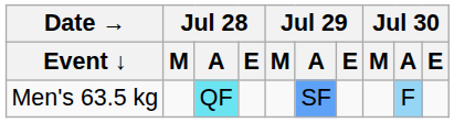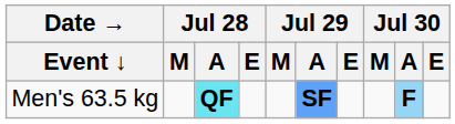 <table class="wikitable" style="margin:0.5em auto;">
 <tr>
 <th>Date →</th>
 <th colspan="3">Jul 28</th>
 <th colspan="3">Jul 29</th>
 <th colspan="3">Jul 30</th>
 </tr>
 <tr>
 <th>Event  ↓</th>
 <th>M</th>
 <th>A</th>
 <th>E</th>
 <th>M</th>
 <th>A</th>
 <th>E</th>
 <th>M</th>
 <th>A</th>
 <th>E</th>
 </tr>
 <tr>
 <td class="event">Men's 63.5 kg</td>
 <td></td>
-<td bgcolor="#6be4f2" align=center>QF</td>
+<td bgcolor="#6be4f2" align=center><strong>QF</strong></td>
 <td></td>
 <td></td>
-<td bgcolor="#5ea2f7" align=center>SF</td>
+<td bgcolor="#5ea2f7" align=center><strong>SF</strong></td>
 <td></td>
 <td></td>
-<td bgcolor="#95d6f7" align=center>F</td>
+<td bgcolor="#95d6f7" align=center><strong>F</strong></td>
 <td></td>
 </tr>
 </table>
